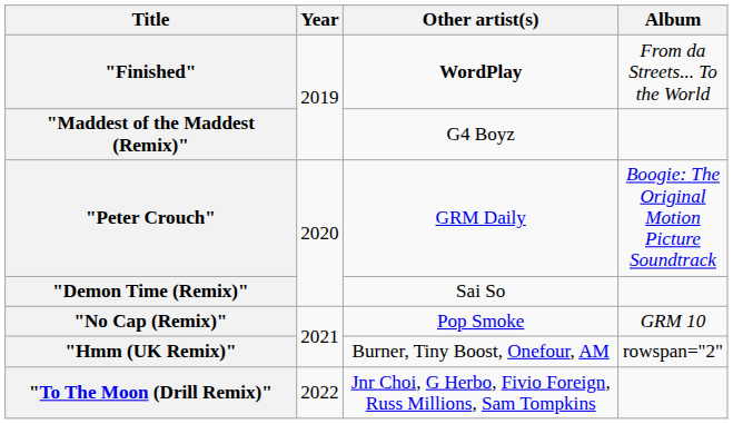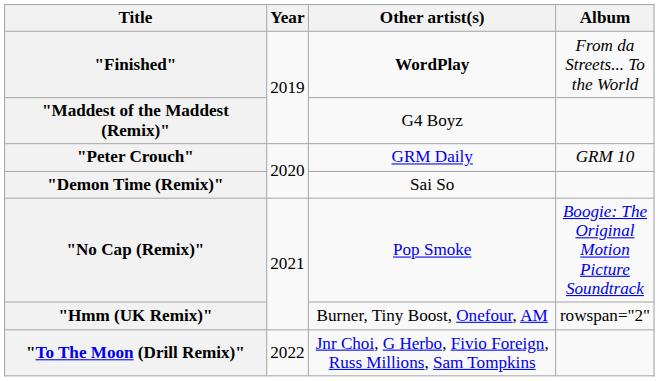 <table class="wikitable plainrowheaders" style="text-align:center;">
 <tr>
 <th scope="col" style="width:19em;">Title</th>
 <th scope="col" style="width:1em;">Year</th>
 <th scope="col" style="width:18em;">Other artist(s)</th>
 <th scope="col">Album</th>
 </tr>
 <tr>
 <th scope="row">"Finished"</th>
 <td rowspan="2">2019</td>
 <td><strong>WordPlay</strong></td>
 <td><em>From da Streets... To the World</em></td>
 </tr>
 <tr>
 <th scope="row">"Maddest of the Maddest (Remix)"</th>
 <td>G4 Boyz</td>
 <td></td>
 </tr>
 <tr>
 <th scope="row">"Peter Crouch"</th>
 <td rowspan="2">2020</td>
 <td><a href='#'>GRM Daily</a></td>
-<td><em><a href='#'>Boogie: The Original Motion Picture Soundtrack</a></em></td>
+<td><em>GRM 10</em></td>
 </tr>
 <tr>
 <th scope="row">"Demon Time (Remix)"</th>
 <td>Sai So</td>
 <td></td>
 </tr>
 <tr>
 <th scope="row">"No Cap (Remix)"</th>
 <td rowspan="2">2021</td>
 <td><a href='#'>Pop Smoke</a></td>
-<td><em>GRM 10</em></td>
+<td><em><a href='#'>Boogie: The Original Motion Picture Soundtrack</a></em></td>
 </tr>
 <tr>
 <th scope="row">"Hmm (UK Remix)"</th>
 <td>Burner, Tiny Boost, <a href='#'>Onefour</a>, <a href='#'>AM</a></td>
 <td>rowspan="2" </td>
 </tr>
 <tr>
 <th scope="row">"<a href='#'>To The Moon</a> (Drill Remix)"</th>
 <td>2022</td>
 <td><a href='#'>Jnr Choi</a>, <a href='#'>G Herbo</a>, <a href='#'>Fivio Foreign</a>, <a href='#'>Russ Millions</a>, <a href='#'>Sam Tompkins</a></td>
 </tr>
 </table>
